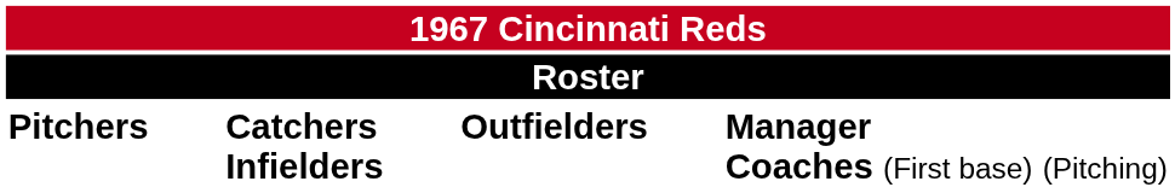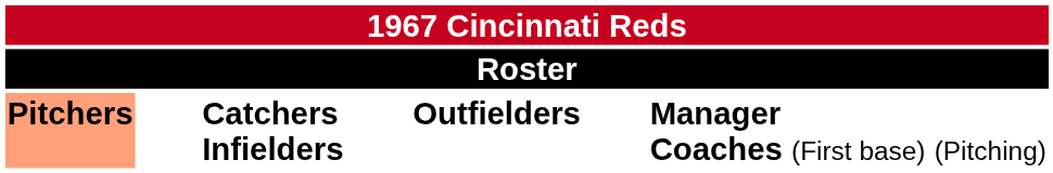 <table class="toccolours" style="font-size: 95%;">
 <tr>
 <th colspan="10" style="background-color: #c6011f; color: white; text-align: center;">1967 Cincinnati Reds</th>
 </tr>
 <tr>
 <td colspan="10" style="background-color: black; color: white; text-align: center;"><strong>Roster</strong></td>
 </tr>
 <tr>
-<td valign="top"><strong>Pitchers</strong><br>             </td>
+<td valign="top" style="background: lightsalmon;"><strong>Pitchers</strong><br>             </td>
 <td width="25px"></td>
 <td valign="top"><strong>Catchers</strong><br>    <strong>Infielders</strong>        </td>
 <td width="25px"></td>
 <td valign="top"><strong>Outfielders</strong><br>      </td>
 <td width="25px"></td>
 <td valign="top"><strong>Manager</strong><br> <strong>Coaches</strong>   <small>(First base)</small>  <small>(Pitching)</small>   </td>
 </tr>
 </table>
